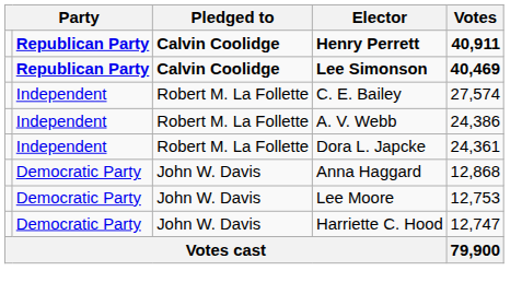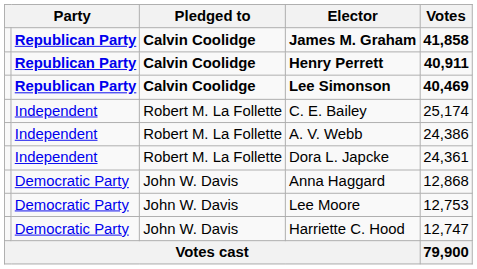 <table class="wikitable">
 <tr>
 <th colspan=2>Party</th>
 <th>Pledged to</th>
 <th>Elector</th>
 <th>Votes</th>
+</tr>
+<tr style="font-weight:bold">
+<td></td>
+<td><a href='#'>Republican Party</a></td>
+<td>Calvin Coolidge</td>
+<td>James M. Graham</td>
+<td align="right">41,858</td>
 </tr>
 <tr style="font-weight:bold">
 <td></td>
 <td><a href='#'>Republican Party</a></td>
 <td>Calvin Coolidge</td>
 <td>Henry Perrett</td>
 <td align="right">40,911</td>
 </tr>
 <tr style="font-weight:bold">
 <td></td>
 <td><a href='#'>Republican Party</a></td>
 <td>Calvin Coolidge</td>
 <td>Lee Simonson</td>
 <td align="right">40,469</td>
 </tr>
 <tr>
 <td></td>
 <td><a href='#'>Independent</a></td>
 <td>Robert M. La Follette</td>
 <td>C. E. Bailey</td>
-<td align="right">27,574</td>
+<td align="right">25,174</td>
 </tr>
 <tr>
 <td></td>
 <td><a href='#'>Independent</a></td>
 <td>Robert M. La Follette</td>
 <td>A. V. Webb</td>
 <td align="right">24,386</td>
 </tr>
 <tr>
 <td></td>
 <td><a href='#'>Independent</a></td>
 <td>Robert M. La Follette</td>
 <td>Dora L. Japcke</td>
 <td align="right">24,361</td>
 </tr>
 <tr>
 <td></td>
 <td><a href='#'>Democratic Party</a></td>
 <td>John W. Davis</td>
 <td>Anna Haggard</td>
 <td align="right">12,868</td>
 </tr>
 <tr>
 <td></td>
 <td><a href='#'>Democratic Party</a></td>
 <td>John W. Davis</td>
 <td>Lee Moore</td>
 <td align="right">12,753</td>
 </tr>
 <tr>
 <td></td>
 <td><a href='#'>Democratic Party</a></td>
 <td>John W. Davis</td>
 <td>Harriette C. Hood</td>
 <td align="right">12,747</td>
 </tr>
 <tr>
 <th colspan="4">Votes cast</th>
 <th>79,900</th>
 </tr>
 </table>
